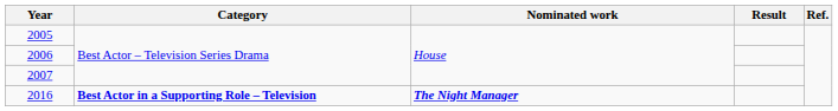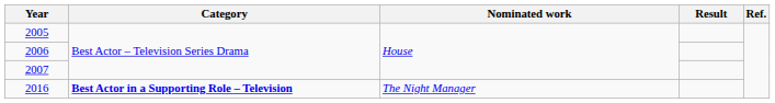 <table class=wikitable>
 <tr>
 <th scope="col" style="width:5em;">Year</th>
 <th scope="col" style="width:26em;">Category</th>
 <th scope="col" style="width:25em;">Nominated work</th>
 <th scope="col" style="width:5em;">Result</th>
 <th>Ref.</th>
 </tr>
 <tr>
 <td style="text-align:center;"><a href='#'>2005</a></td>
 <td rowspan="3"><a href='#'>Best Actor – Television Series Drama</a></td>
 <td rowspan="3"><em><a href='#'>House</a></em></td>
 <td></td>
 <td rowspan="4"></td>
 </tr>
 <tr>
 <td style="text-align:center;"><a href='#'>2006</a></td>
 <td></td>
 </tr>
 <tr>
 <td style="text-align:center;"><a href='#'>2007</a></td>
 <td></td>
 </tr>
 <tr>
 <td style="text-align:center;"><a href='#'>2016</a></td>
 <td><strong><a href='#'>Best Actor in a Supporting Role – Television</a></strong></td>
-<td><strong><em><a href='#'>The Night Manager</a></em></strong></td>
+<td><em><a href='#'>The Night Manager</a></em></td>
 <td></td>
 </tr>
 </table>
